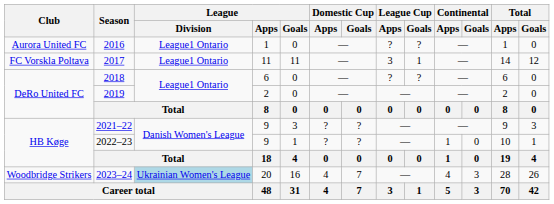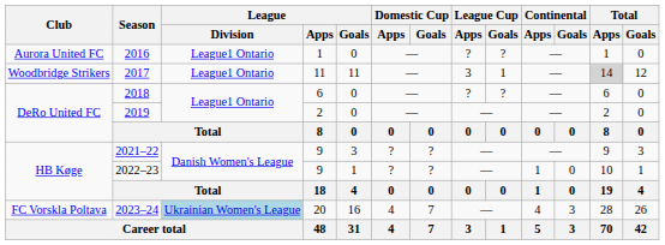 <table class="wikitable" style="text-align: center;">
 <tr>
 <th rowspan="2">Club</th>
 <th rowspan="2">Season</th>
 <th colspan="3">League</th>
 <th colspan="2">Domestic Cup</th>
 <th colspan="2">League Cup</th>
 <th colspan="2">Continental</th>
 <th colspan="2">Total</th>
 </tr>
 <tr>
 <th>Division</th>
 <th>Apps</th>
 <th>Goals</th>
 <th>Apps</th>
 <th>Goals</th>
 <th>Apps</th>
 <th>Goals</th>
 <th>Apps</th>
 <th>Goals</th>
 <th>Apps</th>
 <th>Goals</th>
 </tr>
 <tr>
 <td><a href='#'>Aurora United FC</a></td>
 <td><a href='#'>2016</a></td>
 <td><a href='#'>League1 Ontario</a></td>
 <td>1</td>
 <td>0</td>
 <td colspan="2">—</td>
 <td>?</td>
 <td>?</td>
 <td colspan="2">—</td>
 <td>1</td>
 <td>0</td>
 </tr>
 <tr>
-<td><a href='#'>FC Vorskla Poltava</a></td>
+<td><a href='#'>Woodbridge Strikers</a></td>
 <td><a href='#'>2017</a></td>
 <td><a href='#'>League1 Ontario</a></td>
 <td>11</td>
 <td>11</td>
 <td colspan="2">—</td>
 <td>3</td>
 <td>1</td>
 <td colspan="2">—</td>
-<td>14</td>
+<td style="background: lightgrey;">14</td>
 <td>12</td>
 </tr>
 <tr>
 <td rowspan="3"><a href='#'>DeRo United FC</a></td>
 <td><a href='#'>2018</a></td>
 <td rowspan="2"><a href='#'>League1 Ontario</a></td>
 <td>6</td>
 <td>0</td>
 <td colspan="2">—</td>
 <td>?</td>
 <td>?</td>
 <td colspan="2">—</td>
 <td>6</td>
 <td>0</td>
 </tr>
 <tr>
 <td><a href='#'>2019</a></td>
 <td>2</td>
 <td>0</td>
 <td colspan="2">—</td>
 <td colspan="2">—</td>
 <td colspan="2">—</td>
 <td>2</td>
 <td>0</td>
 </tr>
 <tr>
 <th colspan="2">Total</th>
 <th>8</th>
 <th>0</th>
 <th>0</th>
 <th>0</th>
 <th>0</th>
 <th>0</th>
 <th>0</th>
 <th>0</th>
 <th>8</th>
 <th>0</th>
 </tr>
 <tr>
 <td rowspan="3"><a href='#'>HB Køge</a></td>
 <td><a href='#'>2021–22</a></td>
 <td rowspan="2"><a href='#'>Danish Women's League</a></td>
 <td>9</td>
 <td>3</td>
 <td>?</td>
 <td>?</td>
 <td colspan="2">—</td>
 <td colspan="2">—</td>
 <td>9</td>
 <td>3</td>
 </tr>
 <tr>
 <td>2022–23</td>
 <td>9</td>
 <td>1</td>
 <td>?</td>
 <td>?</td>
 <td colspan="2">—</td>
 <td>1</td>
 <td>0</td>
 <td>10</td>
 <td>1</td>
 </tr>
 <tr>
 <th colspan="2">Total</th>
 <th>18</th>
 <th>4</th>
 <th>0</th>
 <th>0</th>
 <th>0</th>
 <th>0</th>
 <th>1</th>
 <th>0</th>
 <th>19</th>
 <th>4</th>
 </tr>
 <tr>
-<td><a href='#'>Woodbridge Strikers</a></td>
+<td><a href='#'>FC Vorskla Poltava</a></td>
 <td><a href='#'>2023–24</a></td>
 <td style="background: lightblue;"><a href='#'>Ukrainian Women's League</a></td>
 <td>20</td>
 <td>16</td>
 <td>4</td>
 <td>7</td>
 <td colspan="2">—</td>
 <td>4</td>
 <td>3</td>
 <td>28</td>
 <td>26</td>
 </tr>
 <tr>
 <th colspan="3">Career total</th>
 <th>48</th>
 <th>31</th>
 <th>4</th>
 <th>7</th>
 <th>3</th>
 <th>1</th>
 <th>5</th>
 <th>3</th>
 <th>70</th>
 <th>42</th>
 </tr>
 </table>
